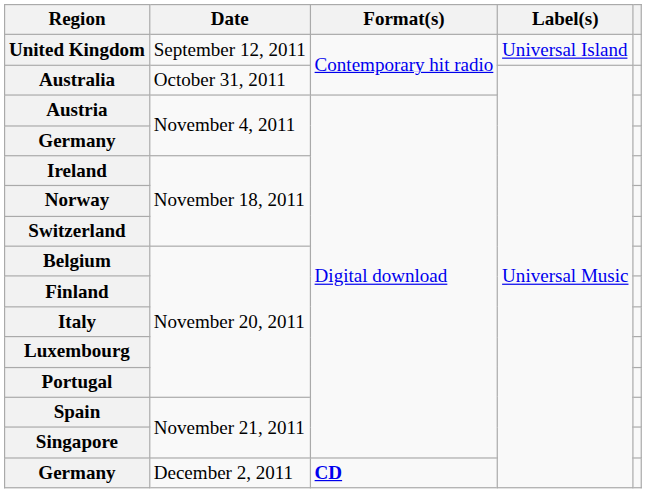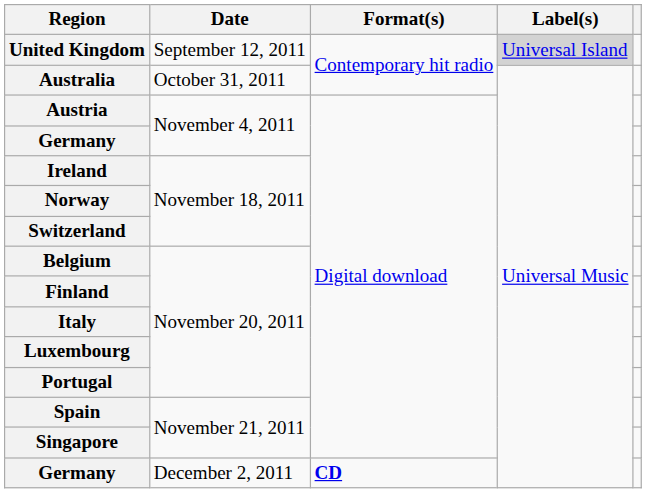 <table class="wikitable plainrowheaders">
 <tr>
 <th scope="col">Region</th>
 <th scope="col">Date</th>
 <th scope="col">Format(s)</th>
 <th scope="col">Label(s)</th>
 <th scope="col"></th>
 </tr>
 <tr>
 <th scope="row">United Kingdom</th>
 <td>September 12, 2011</td>
 <td rowspan="2"><a href='#'>Contemporary hit radio</a></td>
-<td><a href='#'>Universal Island</a></td>
+<td style="background: lightgrey;"><a href='#'>Universal Island</a></td>
 <td></td>
 </tr>
 <tr>
 <th scope="row">Australia</th>
 <td>October 31, 2011</td>
 <td rowspan="14"><a href='#'>Universal Music</a></td>
 <td></td>
 </tr>
 <tr>
 <th scope="row">Austria</th>
 <td rowspan="2">November 4, 2011</td>
 <td rowspan="12"><a href='#'>Digital download</a> </td>
 <td></td>
 </tr>
 <tr>
 <th scope="row">Germany</th>
 <td></td>
 </tr>
 <tr>
 <th scope="row">Ireland</th>
 <td rowspan="3">November 18, 2011</td>
 <td></td>
 </tr>
 <tr>
 <th scope="row">Norway</th>
 <td></td>
 </tr>
 <tr>
 <th scope="row">Switzerland</th>
 <td></td>
 </tr>
 <tr>
 <th scope="row">Belgium</th>
 <td rowspan="5">November 20, 2011</td>
 <td></td>
 </tr>
 <tr>
 <th scope="row">Finland</th>
 <td></td>
 </tr>
 <tr>
 <th scope="row">Italy</th>
 <td></td>
 </tr>
 <tr>
 <th scope="row">Luxembourg</th>
 <td></td>
 </tr>
 <tr>
 <th scope="row">Portugal</th>
 <td></td>
 </tr>
 <tr>
 <th scope="row">Spain</th>
 <td rowspan="2">November 21, 2011</td>
 <td></td>
 </tr>
 <tr>
 <th scope="row">Singapore</th>
 <td></td>
 </tr>
 <tr>
 <th scope="row">Germany</th>
 <td>December 2, 2011</td>
 <td><strong><a href='#'>CD</a></strong></td>
 <td></td>
 </tr>
 </table>
